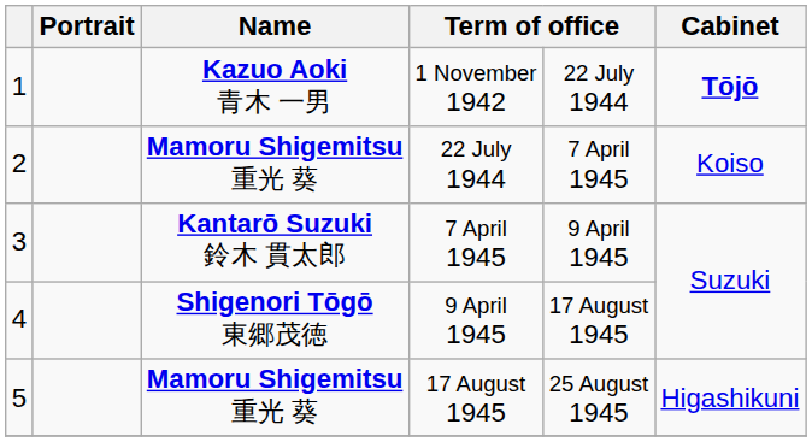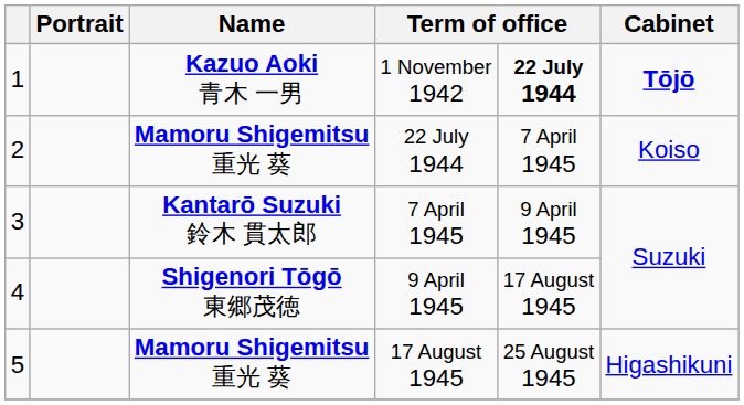 <table class=wikitable style="text-align:center">
 <tr>
 <th></th>
 <th>Portrait</th>
 <th>Name</th>
 <th colspan=2>Term of office</th>
 <th>Cabinet</th>
 </tr>
 <tr>
 <td>1</td>
 <td></td>
 <td><strong><a href='#'>Kazuo Aoki</a></strong><br>青木 一男</td>
 <td><small>1 November</small><br>1942</td>
-<td><small>22 July</small><br>1944</td>
+<td><strong><small>22 July</small><br>1944</strong></td>
 <td><strong><a href='#'>Tōjō</a></strong></td>
 </tr>
 <tr>
 <td>2</td>
 <td></td>
 <td><strong><a href='#'>Mamoru Shigemitsu</a></strong><br>重光 葵</td>
 <td><small>22 July</small><br>1944</td>
 <td><small>7 April</small><br>1945</td>
 <td><a href='#'>Koiso</a></td>
 </tr>
 <tr>
 <td>3</td>
 <td></td>
 <td><strong><a href='#'>Kantarō Suzuki</a></strong><br>鈴木 貫太郎</td>
 <td><small>7 April</small><br>1945</td>
 <td><small>9 April</small><br>1945</td>
 <td rowspan=2><a href='#'>Suzuki</a></td>
 </tr>
 <tr>
 <td>4</td>
 <td></td>
 <td><strong><a href='#'>Shigenori Tōgō</a></strong><br>東郷茂徳</td>
 <td><small>9 April</small><br>1945</td>
 <td><small>17 August</small><br>1945</td>
 </tr>
 <tr>
 <td>5</td>
 <td></td>
 <td><strong><a href='#'>Mamoru Shigemitsu</a></strong><br>重光 葵</td>
 <td><small>17 August</small><br>1945</td>
 <td><small>25 August</small><br>1945</td>
 <td><a href='#'>Higashikuni</a></td>
 </tr>
 <tr>
 </tr>
 </table>
